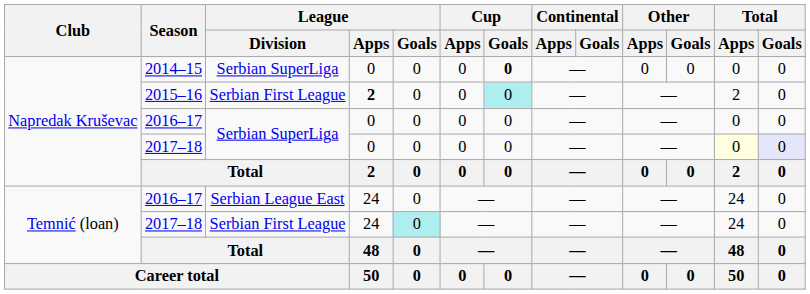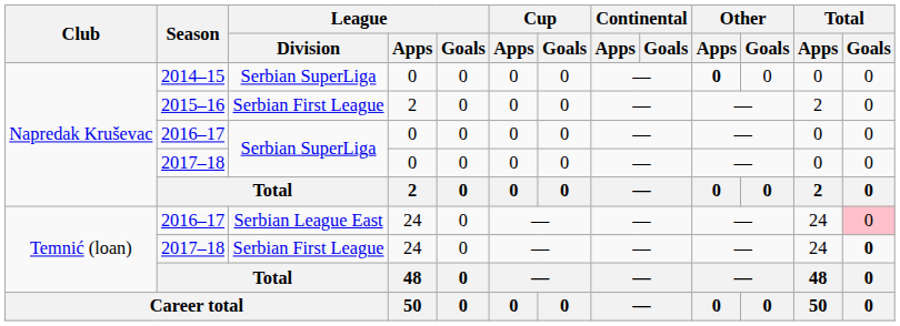 <table class="wikitable" style="text-align:center">
 <tr>
 <th rowspan="2">Club</th>
 <th rowspan="2">Season</th>
 <th colspan="3">League</th>
 <th colspan="2">Cup</th>
 <th colspan="2">Continental</th>
 <th colspan="2">Other</th>
 <th colspan="2">Total</th>
 </tr>
 <tr>
 <th>Division</th>
 <th>Apps</th>
 <th>Goals</th>
 <th>Apps</th>
 <th>Goals</th>
 <th>Apps</th>
 <th>Goals</th>
 <th>Apps</th>
 <th>Goals</th>
 <th>Apps</th>
 <th>Goals</th>
 </tr>
 <tr>
 <td rowspan="5"><a href='#'>Napredak Kruševac</a></td>
 <td><a href='#'>2014–15</a></td>
 <td><a href='#'>Serbian SuperLiga</a></td>
 <td>0</td>
 <td>0</td>
 <td>0</td>
+<td>0</td>
+<td colspan="2">—</td>
 <td><strong>0</strong></td>
-<td colspan="2">—</td>
-<td>0</td>
 <td>0</td>
 <td>0</td>
 <td>0</td>
 </tr>
 <tr>
 <td><a href='#'>2015–16</a></td>
 <td><a href='#'>Serbian First League</a></td>
-<td><strong>2</strong></td>
+<td>2</td>
 <td>0</td>
 <td>0</td>
-<td style="background: paleturquoise;">0</td>
+<td>0</td>
 <td colspan="2">—</td>
 <td colspan="2">—</td>
 <td>2</td>
 <td>0</td>
 </tr>
 <tr>
 <td><a href='#'>2016–17</a></td>
 <td rowspan=2><a href='#'>Serbian SuperLiga</a></td>
 <td>0</td>
 <td>0</td>
 <td>0</td>
 <td>0</td>
 <td colspan="2">—</td>
 <td colspan="2">—</td>
 <td>0</td>
 <td>0</td>
 </tr>
 <tr>
 <td><a href='#'>2017–18</a></td>
 <td>0</td>
 <td>0</td>
 <td>0</td>
 <td>0</td>
 <td colspan="2">—</td>
 <td colspan="2">—</td>
-<td style="background: lightyellow;">0</td>
-<td style="background: lavender;">0</td>
+<td>0</td>
+<td>0</td>
 </tr>
 <tr>
 <th colspan="2">Total</th>
 <th>2</th>
 <th>0</th>
 <th>0</th>
 <th>0</th>
 <th colspan="2">—</th>
 <th>0</th>
 <th>0</th>
 <th>2</th>
 <th>0</th>
 </tr>
 <tr>
 <td rowspan="3"><a href='#'>Temnić</a> (loan)</td>
 <td><a href='#'>2016–17</a></td>
 <td><a href='#'>Serbian League East</a></td>
 <td>24</td>
 <td>0</td>
 <td colspan="2">—</td>
 <td colspan="2">—</td>
 <td colspan="2">—</td>
 <td>24</td>
-<td>0</td>
+<td style="background: pink;">0</td>
 </tr>
 <tr>
 <td><a href='#'>2017–18</a></td>
 <td><a href='#'>Serbian First League</a></td>
 <td>24</td>
-<td style="background: paleturquoise;">0</td>
+<td>0</td>
 <td colspan="2">—</td>
 <td colspan="2">—</td>
 <td colspan="2">—</td>
 <td>24</td>
-<td>0</td>
+<td><strong>0</strong></td>
 </tr>
 <tr>
 <th colspan="2">Total</th>
 <th>48</th>
 <th>0</th>
 <th colspan="2">—</th>
 <th colspan="2">—</th>
 <th colspan="2">—</th>
 <th>48</th>
 <th>0</th>
 </tr>
 <tr>
 <th colspan="3">Career total</th>
 <th>50</th>
 <th>0</th>
 <th>0</th>
 <th>0</th>
 <th colspan="2">—</th>
 <th>0</th>
 <th>0</th>
 <th>50</th>
 <th>0</th>
 </tr>
 </table>
